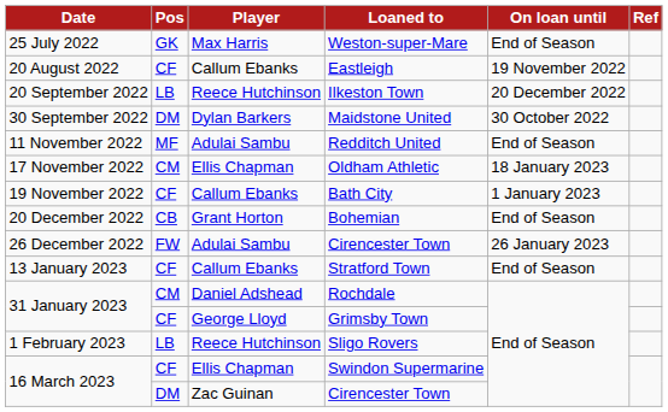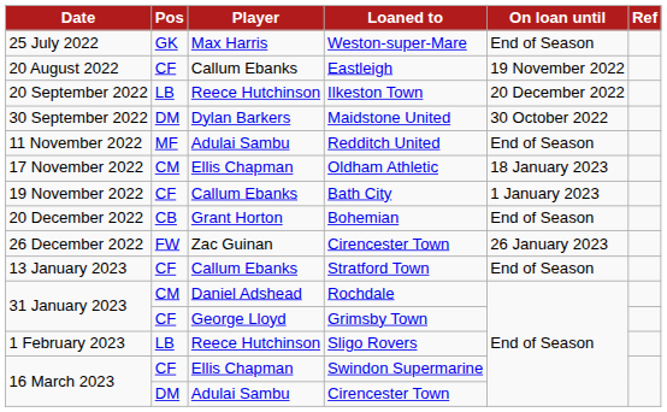 <table class="wikitable plainrowheaders sortable">
 <tr>
 <th style="background:#B11B1B; color:#ffffff; ">Date</th>
 <th style="background:#B11B1B; color:#ffffff; ">Pos</th>
 <th style="background:#B11B1B; color:#ffffff; ">Player</th>
 <th style="background:#B11B1B; color:#ffffff; ">Loaned to</th>
 <th style="background:#B11B1B; color:#ffffff; ">On loan until</th>
 <th style="background:#B11B1B; color:#ffffff; ">Ref</th>
 </tr>
 <tr>
 <td>25 July 2022</td>
 <td><a href='#'>GK</a></td>
 <td> <a href='#'>Max Harris</a></td>
 <td> <a href='#'>Weston-super-Mare</a></td>
 <td>End of Season</td>
 <td></td>
 </tr>
 <tr>
 <td>20 August 2022</td>
 <td><a href='#'>CF</a></td>
 <td> Callum Ebanks</td>
 <td> <a href='#'>Eastleigh</a></td>
 <td>19 November 2022</td>
 <td></td>
 </tr>
 <tr>
 <td>20 September 2022</td>
 <td><a href='#'>LB</a></td>
 <td> <a href='#'>Reece Hutchinson</a></td>
 <td> <a href='#'>Ilkeston Town</a></td>
 <td>20 December 2022</td>
 <td></td>
 </tr>
 <tr>
 <td>30 September 2022</td>
 <td><a href='#'>DM</a></td>
 <td> <a href='#'>Dylan Barkers</a></td>
 <td> <a href='#'>Maidstone United</a></td>
 <td>30 October 2022</td>
 <td></td>
 </tr>
 <tr>
 <td>11 November 2022</td>
 <td><a href='#'>MF</a></td>
 <td> <a href='#'>Adulai Sambu</a></td>
 <td> <a href='#'>Redditch United</a></td>
 <td>End of Season</td>
 <td></td>
 </tr>
 <tr>
 <td>17 November 2022</td>
 <td><a href='#'>CM</a></td>
 <td> <a href='#'>Ellis Chapman</a></td>
 <td> <a href='#'>Oldham Athletic</a></td>
 <td>18 January 2023</td>
 <td></td>
 </tr>
 <tr>
 <td>19 November 2022</td>
 <td><a href='#'>CF</a></td>
 <td> <a href='#'>Callum Ebanks</a></td>
 <td> <a href='#'>Bath City</a></td>
 <td>1 January 2023</td>
 <td></td>
 </tr>
 <tr>
 <td>20 December 2022</td>
 <td><a href='#'>CB</a></td>
 <td> <a href='#'>Grant Horton</a></td>
 <td> <a href='#'>Bohemian</a></td>
 <td>End of Season</td>
 <td></td>
 </tr>
 <tr>
 <td>26 December 2022</td>
 <td><a href='#'>FW</a></td>
-<td> <a href='#'>Adulai Sambu</a></td>
+<td> Zac Guinan</td>
 <td> <a href='#'>Cirencester Town</a></td>
 <td>26 January 2023</td>
 <td></td>
 </tr>
 <tr>
 <td>13 January 2023</td>
 <td><a href='#'>CF</a></td>
 <td> <a href='#'>Callum Ebanks</a></td>
 <td> <a href='#'>Stratford Town</a></td>
 <td>End of Season</td>
 <td></td>
 </tr>
 <tr>
 <td rowspan="2">31 January 2023</td>
 <td><a href='#'>CM</a></td>
 <td> <a href='#'>Daniel Adshead</a></td>
 <td> <a href='#'>Rochdale</a></td>
 <td rowspan="5">End of Season</td>
 <td></td>
 </tr>
 <tr>
 <td><a href='#'>CF</a></td>
 <td> <a href='#'>George Lloyd</a></td>
 <td> <a href='#'>Grimsby Town</a></td>
 <td></td>
 </tr>
 <tr>
 <td>1 February 2023</td>
 <td><a href='#'>LB</a></td>
 <td> <a href='#'>Reece Hutchinson</a></td>
 <td> <a href='#'>Sligo Rovers</a></td>
 <td></td>
 </tr>
 <tr>
 <td rowspan="2">16 March 2023</td>
 <td><a href='#'>CF</a></td>
 <td> <a href='#'>Ellis Chapman</a></td>
 <td> <a href='#'>Swindon Supermarine</a></td>
 <td rowspan="2"></td>
 </tr>
 <tr>
 <td><a href='#'>DM</a></td>
-<td> Zac Guinan</td>
+<td> <a href='#'>Adulai Sambu</a></td>
 <td> <a href='#'>Cirencester Town</a></td>
 </tr>
 </table>
